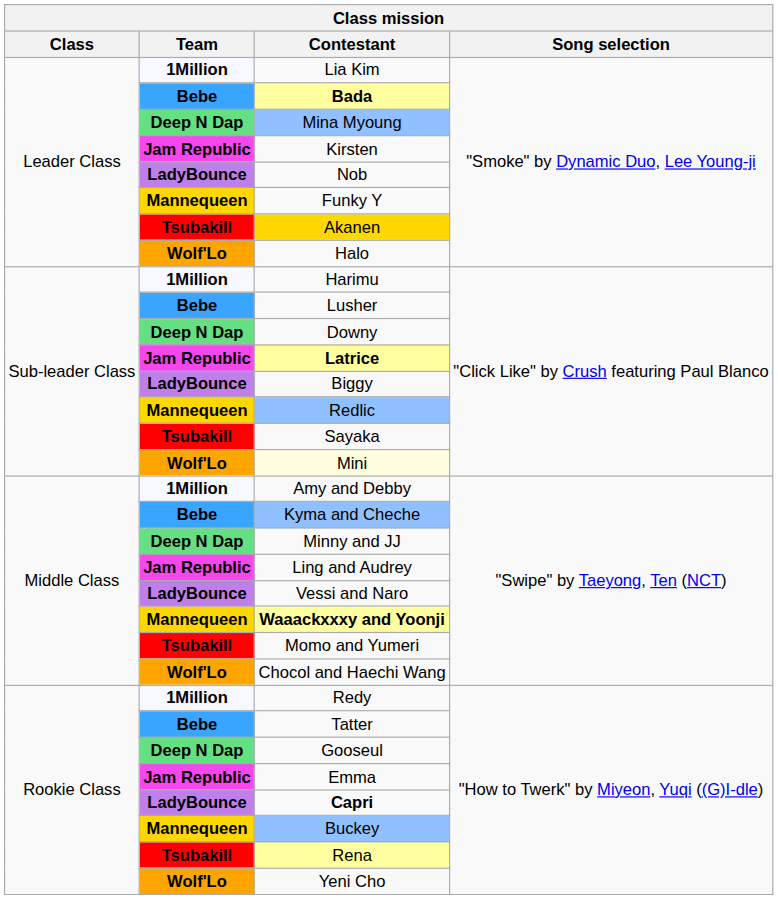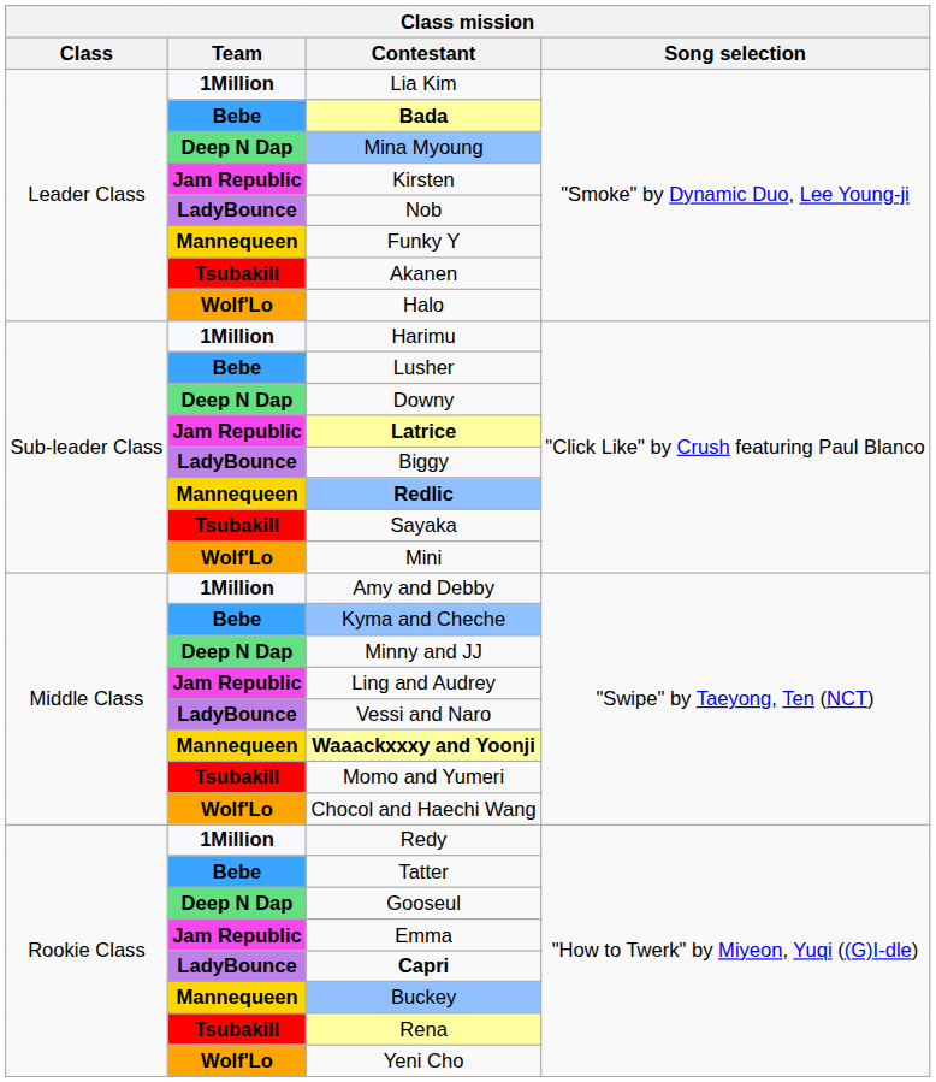 <table class="wikitable"  style="text-align:center; font-size:90%">
 <tr>
 <th colspan="4">Class mission</th>
 </tr>
 <tr style="background:#f2f2f2;">
 <th scope="col">Class</th>
 <th scope="col">Team</th>
 <th scope="col">Contestant</th>
 <th scope="col">Song selection</th>
 </tr>
 <tr>
 <td rowspan="8">Leader Class</td>
 <td style="background:#F8F8FF"><strong>1Million</strong></td>
 <td>Lia Kim</td>
 <td rowspan="8">"Smoke" by <a href='#'>Dynamic Duo</a>, <a href='#'>Lee Young-ji</a></td>
 </tr>
 <tr>
 <td style="background:#3AA5FF"><strong>Bebe</strong></td>
 <td style="background:#FFFF9F"><strong>Bada</strong></td>
 </tr>
 <tr>
 <td style="background:#64E082"><strong>Deep N Dap</strong></td>
 <td style="background:#90C0FF">Mina Myoung</td>
 </tr>
 <tr>
 <td style="background:#F646EE"><strong>Jam Republic</strong></td>
 <td>Kirsten</td>
 </tr>
 <tr>
 <td style="background:#BF7FEB"><strong>LadyBounce</strong></td>
 <td>Nob</td>
 </tr>
 <tr>
 <td style="background:gold"><strong>Mannequeen</strong></td>
 <td>Funky Y</td>
 </tr>
 <tr>
 <td style="background:red"><strong>Tsubakill</strong></td>
-<td style="background: gold;">Akanen</td>
+<td>Akanen</td>
 </tr>
 <tr>
 <td style="background:orange"><strong>Wolf'Lo</strong></td>
 <td>Halo</td>
 </tr>
 <tr>
 <td rowspan="8">Sub-leader Class</td>
 <td style="background:#F8F8FF"><strong>1Million</strong></td>
 <td>Harimu</td>
 <td rowspan="8">"Click Like" by <a href='#'>Crush</a> featuring Paul Blanco</td>
 </tr>
 <tr>
 <td style="background:#3AA5FF"><strong>Bebe</strong></td>
 <td>Lusher</td>
 </tr>
 <tr>
 <td style="background:#64E082"><strong>Deep N Dap</strong></td>
 <td>Downy</td>
 </tr>
 <tr>
 <td style="background:#F646EE"><strong>Jam Republic</strong></td>
 <td style="background:#FFFF9F"><strong>Latrice</strong></td>
 </tr>
 <tr>
 <td style="background:#BF7FEB"><strong>LadyBounce</strong></td>
 <td>Biggy</td>
 </tr>
 <tr>
 <td style="background:gold"><strong>Mannequeen</strong></td>
-<td style="background:#90C0FF">Redlic</td>
+<td style="background:#90C0FF"><strong>Redlic</strong></td>
 </tr>
 <tr>
 <td style="background:red"><strong>Tsubakill</strong></td>
 <td>Sayaka</td>
 </tr>
 <tr>
 <td style="background:orange"><strong>Wolf'Lo</strong></td>
-<td style="background: lightyellow;">Mini</td>
+<td>Mini</td>
 </tr>
 <tr>
 <td rowspan="8">Middle Class</td>
 <td style="background:#F8F8FF"><strong>1Million</strong></td>
 <td>Amy and Debby</td>
 <td rowspan="8">"Swipe" by <a href='#'>Taeyong</a>, <a href='#'>Ten</a> (<a href='#'>NCT</a>)</td>
 </tr>
 <tr>
 <td style="background:#3AA5FF"><strong>Bebe</strong></td>
 <td style="background:#90C0FF">Kyma and Cheche</td>
 </tr>
 <tr>
 <td style="background:#64E082"><strong>Deep N Dap</strong></td>
 <td>Minny and JJ</td>
 </tr>
 <tr>
 <td style="background:#F646EE"><strong>Jam Republic</strong></td>
 <td>Ling and Audrey</td>
 </tr>
 <tr>
 <td style="background:#BF7FEB"><strong>LadyBounce</strong></td>
 <td>Vessi and Naro</td>
 </tr>
 <tr>
 <td style="background:gold"><strong>Mannequeen</strong></td>
 <td style="background:#FFFF9F"><strong>Waaackxxxy and Yoonji</strong></td>
 </tr>
 <tr>
 <td style="background:red"><strong>Tsubakill</strong></td>
 <td>Momo and Yumeri</td>
 </tr>
 <tr>
 <td style="background:orange"><strong>Wolf'Lo</strong></td>
 <td>Chocol and Haechi Wang</td>
 </tr>
 <tr>
 <td rowspan="8">Rookie Class</td>
 <td style="background:#F8F8FF"><strong>1Million</strong></td>
 <td>Redy</td>
 <td rowspan="8">"How to Twerk" by <a href='#'>Miyeon</a>, <a href='#'>Yuqi</a> (<a href='#'>(G)I-dle</a>)</td>
 </tr>
 <tr>
 <td style="background:#3AA5FF"><strong>Bebe</strong></td>
 <td>Tatter</td>
 </tr>
 <tr>
 <td style="background:#64E082"><strong>Deep N Dap</strong></td>
 <td>Gooseul</td>
 </tr>
 <tr>
 <td style="background:#F646EE"><strong>Jam Republic</strong></td>
 <td>Emma</td>
 </tr>
 <tr>
 <td style="background:#BF7FEB"><strong>LadyBounce</strong></td>
 <td><strong>Capri</strong></td>
 </tr>
 <tr>
 <td style="background:gold"><strong>Mannequeen</strong></td>
 <td style="background:#90C0FF">Buckey</td>
 </tr>
 <tr>
 <td style="background:red"><strong>Tsubakill</strong></td>
 <td style="background:#FFFF9F">Rena</td>
 </tr>
 <tr>
 <td style="background:orange"><strong>Wolf'Lo</strong></td>
 <td>Yeni Cho</td>
 </tr>
 <tr>
 </tr>
 </table>
